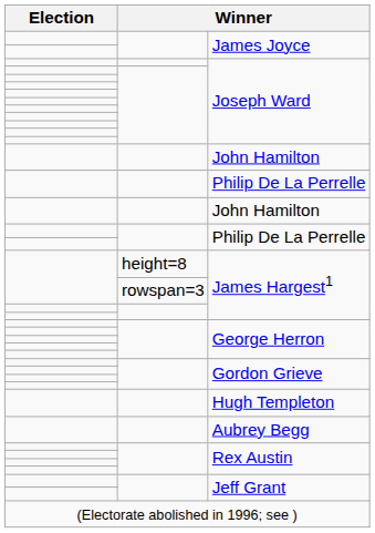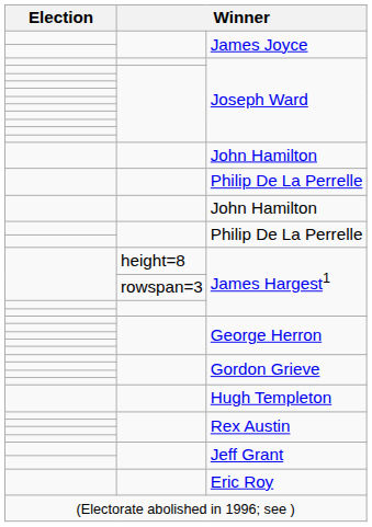 <table class=wikitable>
 <tr>
 <th width=100>Election</th>
 <th width=175 colspan=2>Winner</th>
 </tr>
 <tr>
 <td></td>
 <td rowspan=2 width=5 bgcolor=></td>
 <td rowspan=2><a href='#'>James Joyce</a></td>
 </tr>
 <tr>
 <td></td>
 </tr>
 <tr>
 <td></td>
 <td bgcolor=></td>
 <td rowspan=11><a href='#'>Joseph Ward</a></td>
 </tr>
 <tr>
 <td></td>
 <td rowspan=10 bgcolor=></td>
 </tr>
 <tr>
 <td></td>
 </tr>
 <tr>
 <td></td>
 </tr>
 <tr>
 <td></td>
 </tr>
 <tr>
 <td></td>
 </tr>
 <tr>
 <td></td>
 </tr>
 <tr>
 <td></td>
 </tr>
 <tr>
 <td></td>
 </tr>
 <tr>
 <td></td>
 </tr>
 <tr>
 <td></td>
 </tr>
 <tr>
 <td></td>
 <td bgcolor=></td>
 <td><a href='#'>John Hamilton</a></td>
 </tr>
 <tr>
 <td></td>
 <td bgcolor=></td>
 <td><a href='#'>Philip De La Perrelle</a></td>
 </tr>
 <tr>
 <td></td>
 <td bgcolor=></td>
 <td>John Hamilton</td>
 </tr>
 <tr>
 <td></td>
 <td rowspan=2 bgcolor=></td>
 <td rowspan=2>Philip De La Perrelle</td>
 </tr>
 <tr>
 <td></td>
 </tr>
 <tr>
 <td rowspan=2></td>
 <td>height=8 </td>
 <td rowspan=4><a href='#'>James Hargest</a><sup>1</sup></td>
 </tr>
 <tr>
 <td>rowspan=3 </td>
 </tr>
 <tr>
 <td></td>
 </tr>
 <tr>
 <td></td>
 </tr>
 <tr>
 <td></td>
 <td rowspan=5 bgcolor=></td>
 <td rowspan=5><a href='#'>George Herron</a></td>
 </tr>
 <tr>
 <td></td>
 </tr>
 <tr>
 <td></td>
 </tr>
 <tr>
 <td></td>
 </tr>
 <tr>
 <td></td>
 </tr>
 <tr>
 <td></td>
 <td rowspan=4 bgcolor=></td>
 <td rowspan=4><a href='#'>Gordon Grieve</a></td>
 </tr>
 <tr>
 <td></td>
 </tr>
 <tr>
 <td></td>
 </tr>
 <tr>
 <td></td>
 </tr>
 <tr>
 <td></td>
 <td bgcolor=></td>
 <td><a href='#'>Hugh Templeton</a></td>
 </tr>
 <tr>
 <td></td>
-<td bgcolor=></td>
-<td><a href='#'>Aubrey Begg</a></td>
-</tr>
-<tr>
-<td></td>
 <td rowspan=4 bgcolor=></td>
 <td rowspan=4><a href='#'>Rex Austin</a></td>
 </tr>
 <tr>
 <td></td>
 </tr>
 <tr>
 <td></td>
 </tr>
 <tr>
 <td></td>
 </tr>
 <tr>
 <td></td>
 <td rowspan=2 bgcolor=></td>
 <td rowspan=2><a href='#'>Jeff Grant</a></td>
 </tr>
 <tr>
 <td></td>
 </tr>
 <tr>
+<td></td>
+<td bgcolor=></td>
+<td><a href='#'>Eric Roy</a></td>
+</tr>
+<tr>
 <td colspan=3 align=center><small>(Electorate abolished in 1996; see )</small></td>
 </tr>
 </table>
